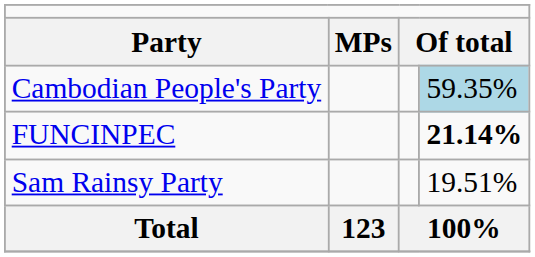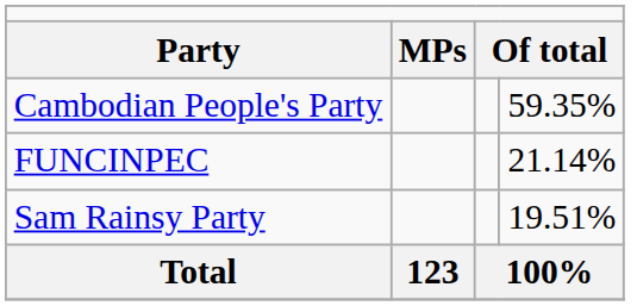 <table class=wikitable>
 <tr>
 <td colspan=9></td>
 </tr>
 <tr>
 <th>Party</th>
 <th>MPs</th>
 <th colspan=2>Of total</th>
 </tr>
 <tr>
 <td><a href='#'>Cambodian People's Party</a></td>
 <td></td>
 <td><div><div>  </div></div></td>
-<td style="background: lightblue;">59.35%</td>
+<td>59.35%</td>
 </tr>
 <tr>
 <td><a href='#'>FUNCINPEC</a></td>
 <td></td>
 <td><div><div>  </div></div></td>
-<td><strong>21.14%</strong></td>
+<td>21.14%</td>
 </tr>
 <tr>
 <td><a href='#'>Sam Rainsy Party</a></td>
 <td></td>
 <td><div><div>  </div></div></td>
 <td>19.51%</td>
 </tr>
 <tr>
 <th colspan="1"><strong>Total</strong></th>
 <th colspan="1"><strong>123</strong></th>
 <th colspan="2"><strong>100%</strong></th>
 </tr>
 <tr>
 </tr>
 </table>
